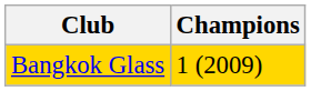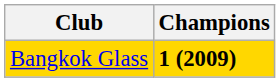 <table class="wikitable sortable">
 <tr>
 <th>Club</th>
 <th>Champions</th>
 </tr>
 <tr ! style="background:gold;">
 <td><a href='#'>Bangkok Glass</a></td>
-<td>1 (2009)</td>
+<td><strong>1 (2009)</strong></td>
 </tr>
 </table>
